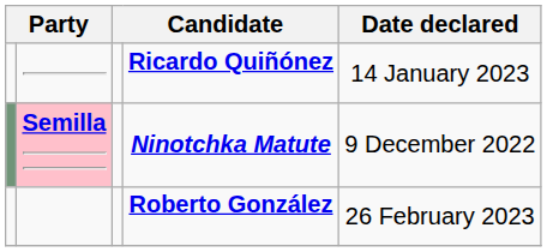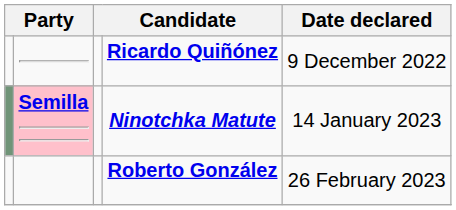 <table class="vertical-align-top wikitable">
 <tr>
 <th scope=colgroup colspan=2>Party</th>
 <th scope=colgroup colspan=2>Candidate</th>
 <th>Date declared</th>
 </tr>
 <tr>
 <td style=background:></td>
 <td style="text-align:center; line-height:1.3"><strong></strong><hr><strong></strong></td>
 <td></td>
 <td style="text-align:center; line-height:1.0"><strong><a href='#'>Ricardo Quiñónez</a></strong><br><br></td>
-<td style="text-align:center">14 January 2023</td>
+<td style="text-align:center">9 December 2022</td>
 </tr>
 <tr>
 <td style=background:#709478></td>
 <td style="background: pink; text-align:center; line-height:1.3"><strong><a href='#'>Semilla</a></strong><hr><strong></strong><hr><strong></strong></td>
 <td></td>
 <td style="text-align:center; line-height:1.0"><strong><em><a href='#'>Ninotchka Matute</a></em></strong></td>
-<td style="text-align:center">9 December 2022</td>
+<td style="text-align:center">14 January 2023</td>
 </tr>
 <tr>
 <td style=background:></td>
 <td style="text-align:center; line-height:1.3"><strong> </strong></td>
 <td></td>
 <td style="text-align:center; line-height:1.0"><strong><a href='#'>Roberto González</a></strong><br><br></td>
 <td style="text-align:center">26 February 2023</td>
 </tr>
 <tr>
 </tr>
 </table>
